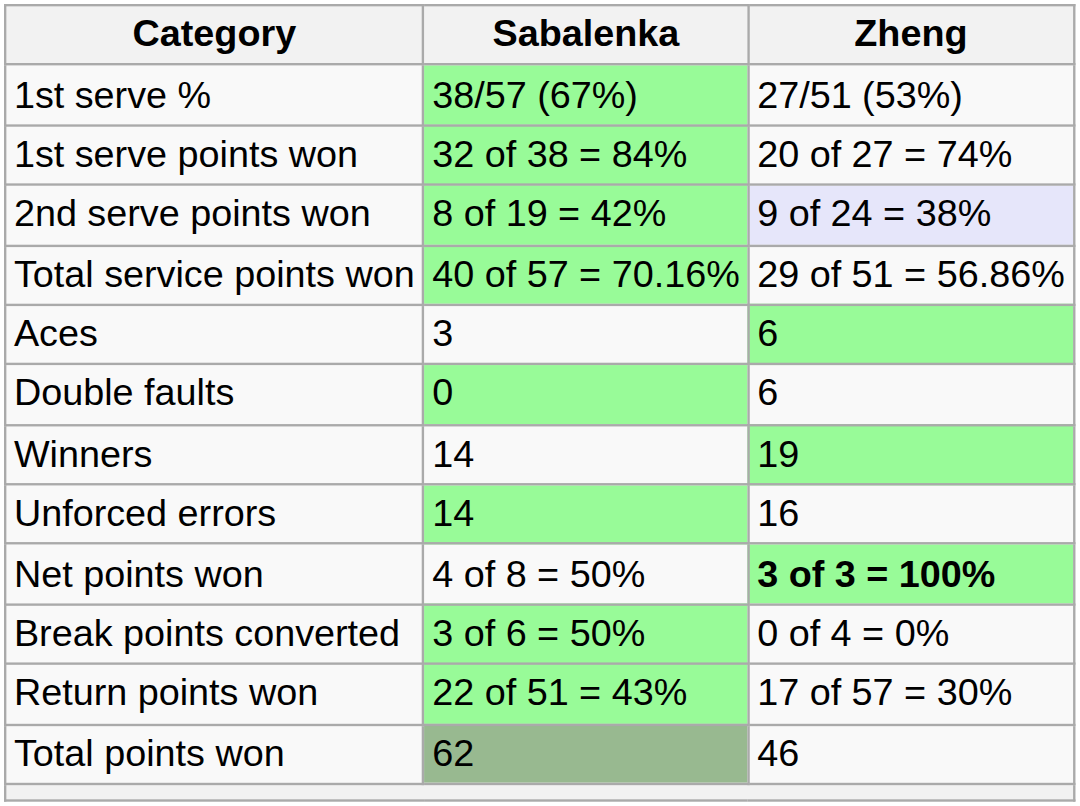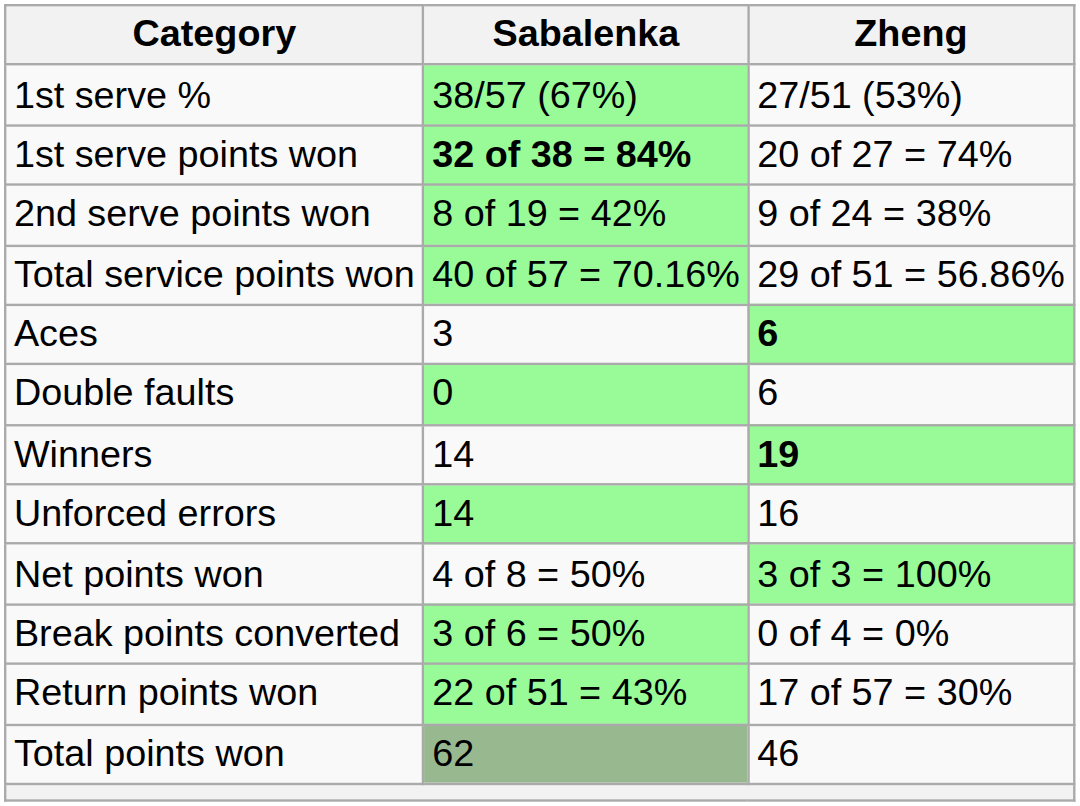 <table class="wikitable">
 <tr>
 <th>Category</th>
 <th> Sabalenka</th>
 <th> Zheng</th>
 </tr>
 <tr>
 <td>1st serve %</td>
 <td bgcolor=98FB98>38/57 (67%)</td>
 <td>27/51 (53%)</td>
 </tr>
 <tr>
 <td>1st serve points won</td>
-<td bgcolor=98FB98>32 of 38 = 84%</td>
+<td bgcolor=98FB98><strong>32 of 38 = 84%</strong></td>
 <td>20 of 27 = 74%</td>
 </tr>
 <tr>
 <td>2nd serve points won</td>
 <td bgcolor=98FB98>8 of 19 = 42%</td>
-<td style="background: lavender;">9 of 24 = 38%</td>
+<td>9 of 24 = 38%</td>
 </tr>
 <tr>
 <td>Total service points won</td>
 <td bgcolor=98FB98>40 of 57 = 70.16%</td>
 <td>29 of 51 = 56.86%</td>
 </tr>
 <tr>
 <td>Aces</td>
 <td>3</td>
-<td bgcolor=98FB98>6</td>
+<td bgcolor=98FB98><strong>6</strong></td>
 </tr>
 <tr>
 <td>Double faults</td>
 <td bgcolor=98FB98>0</td>
 <td>6</td>
 </tr>
 <tr>
 <td>Winners</td>
 <td>14</td>
-<td bgcolor=98FB98>19</td>
+<td bgcolor=98FB98><strong>19</strong></td>
 </tr>
 <tr>
 <td>Unforced errors</td>
 <td bgcolor=98FB98>14</td>
 <td>16</td>
 </tr>
 <tr>
 <td>Net points won</td>
 <td>4 of 8 = 50%</td>
-<td bgcolor=98FB98><strong>3 of 3 = 100%</strong></td>
+<td bgcolor=98FB98>3 of 3 = 100%</td>
 </tr>
 <tr>
 <td>Break points converted</td>
 <td bgcolor=98FB98>3 of 6 = 50%</td>
 <td>0 of 4 = 0%</td>
 </tr>
 <tr>
 <td>Return points won</td>
 <td bgcolor=98FB98>22 of 51 = 43%</td>
 <td>17 of 57 = 30%</td>
 </tr>
 <tr>
 <td>Total points won</td>
 <td bgcolor=98FB989>62</td>
 <td>46</td>
 </tr>
 <tr>
 <th colspan=3></th>
 </tr>
 </table>
